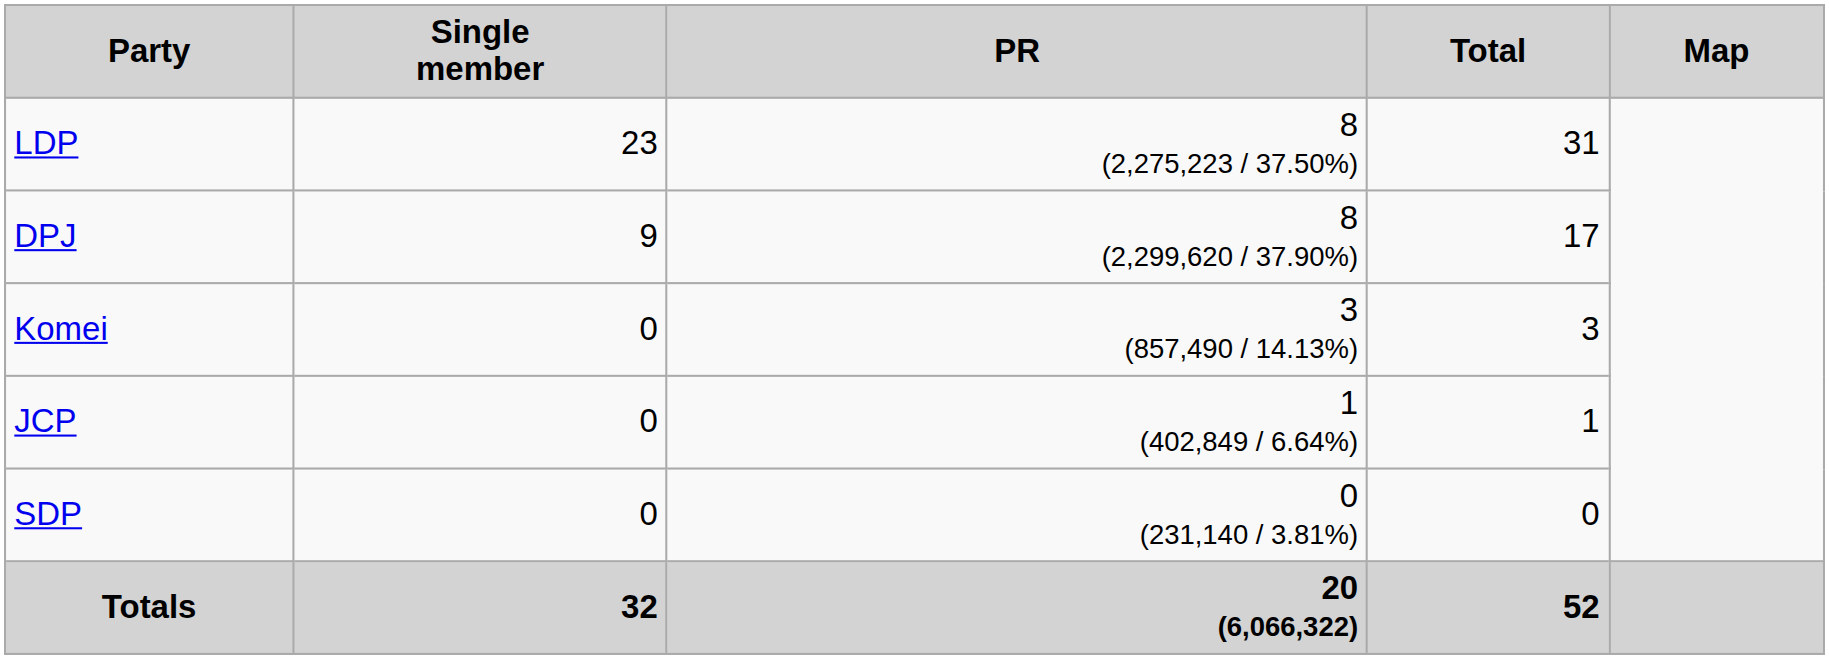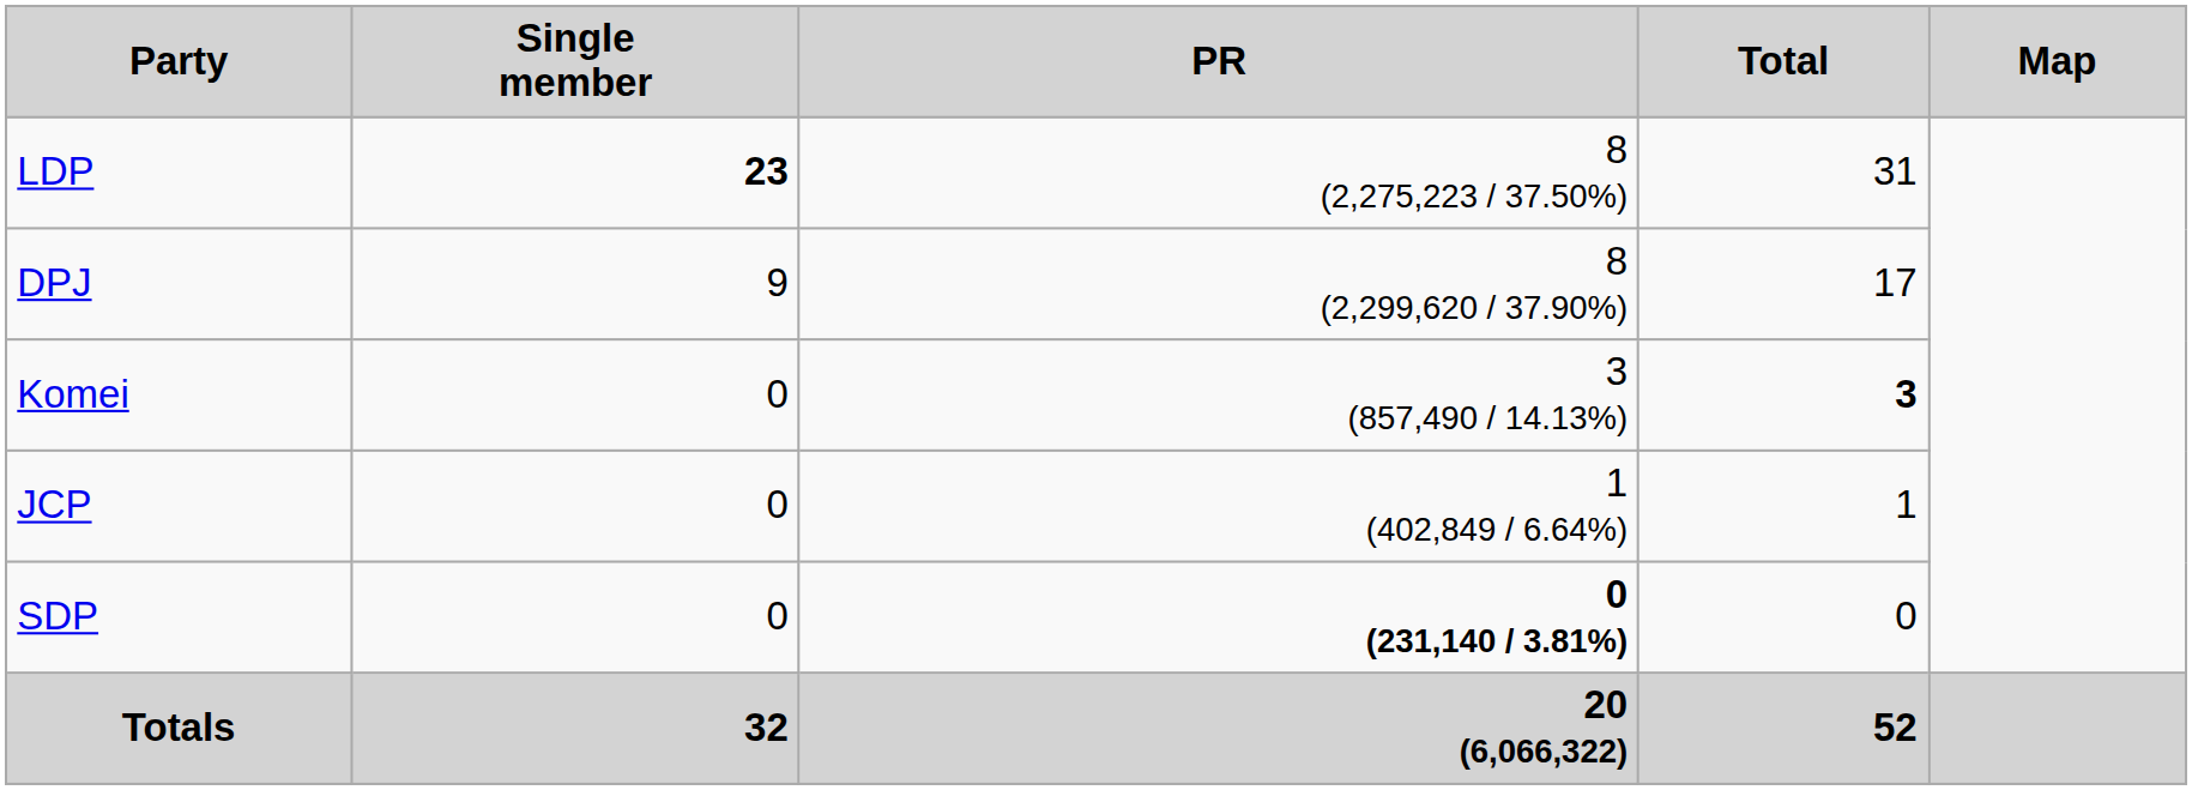 <table border="2" cellpadding="4" cellspacing="0" style="width:100%; margin:1em 1em 1em 0; background:#f9f9f9; border:1px #aaa solid; border-collapse:collapse;">
 <tr style="background:lightgrey;">
 <th>Party</th>
 <th>Single<br>member</th>
 <th>PR</th>
 <th>Total</th>
 <th>Map</th>
 </tr>
 <tr>
 <td><a href='#'>LDP</a></td>
-<td style="text-align:right;">23</td>
+<td style="text-align:right;"><strong>23</strong></td>
 <td style="text-align:right;">8<br><small>(2,275,223 / 37.50%)</small></td>
 <td style="text-align:right;">31</td>
 <td rowspan=5></td>
 </tr>
 <tr>
 <td><a href='#'>DPJ</a></td>
 <td style="text-align:right;">9</td>
 <td style="text-align:right;">8<br><small>(2,299,620 / 37.90%)</small></td>
 <td style="text-align:right;">17</td>
 </tr>
 <tr>
 <td><a href='#'>Komei</a></td>
 <td style="text-align:right;">0</td>
 <td style="text-align:right;">3<br><small>(857,490 / 14.13%)</small></td>
-<td style="text-align:right;">3</td>
+<td style="text-align:right;"><strong>3</strong></td>
 </tr>
 <tr>
 <td><a href='#'>JCP</a></td>
 <td style="text-align:right;">0</td>
 <td style="text-align:right;">1<br><small>(402,849 / 6.64%)</small></td>
 <td style="text-align:right;">1</td>
 </tr>
 <tr>
 <td><a href='#'>SDP</a></td>
 <td style="text-align:right;">0</td>
-<td style="text-align:right;">0<br><small>(231,140 / 3.81%)</small></td>
+<td style="text-align:right;"><strong>0<br><small>(231,140 / 3.81%)</small></strong></td>
 <td style="text-align:right;">0</td>
 </tr>
 <tr style="background:lightgrey;">
 <th><strong>Totals</strong></th>
 <th style="text-align:right;">32</th>
 <th style="text-align:right;">20<br><small>(6,066,322)</small></th>
 <th style="text-align:right;">52</th>
 <th></th>
 </tr>
 </table>
